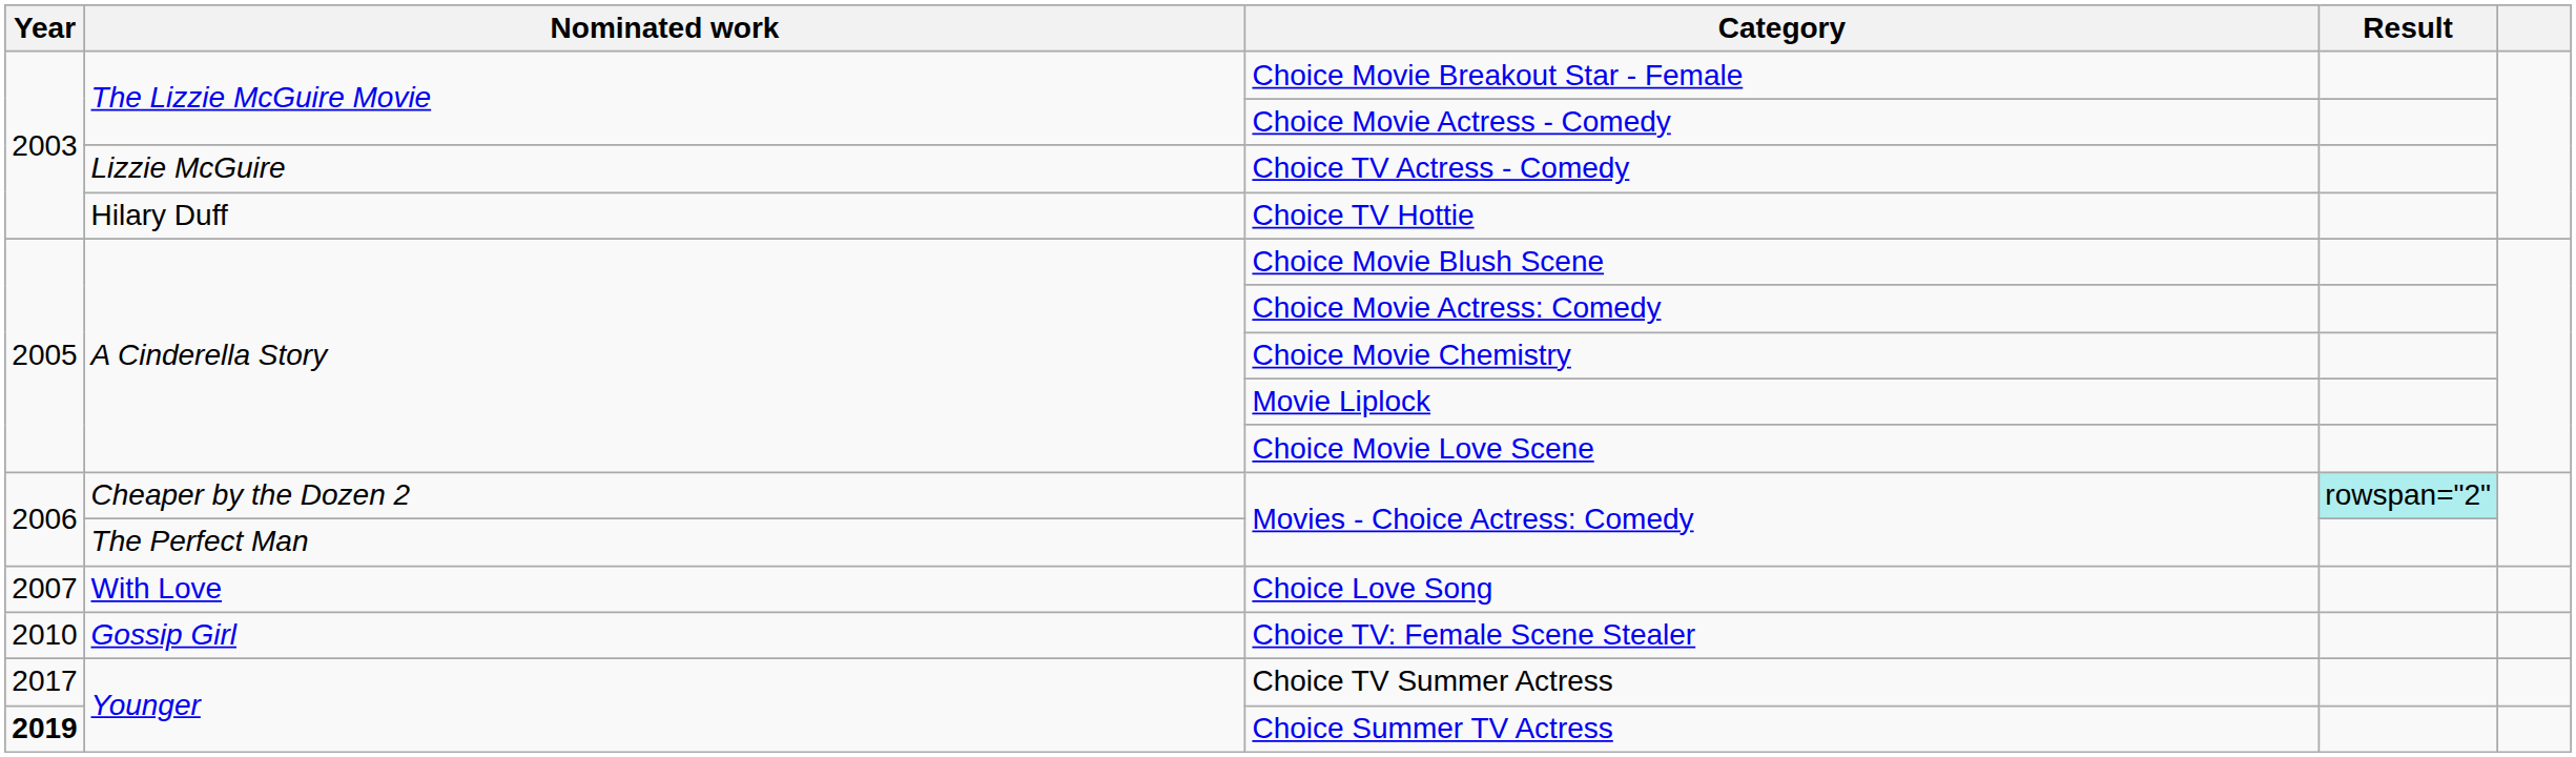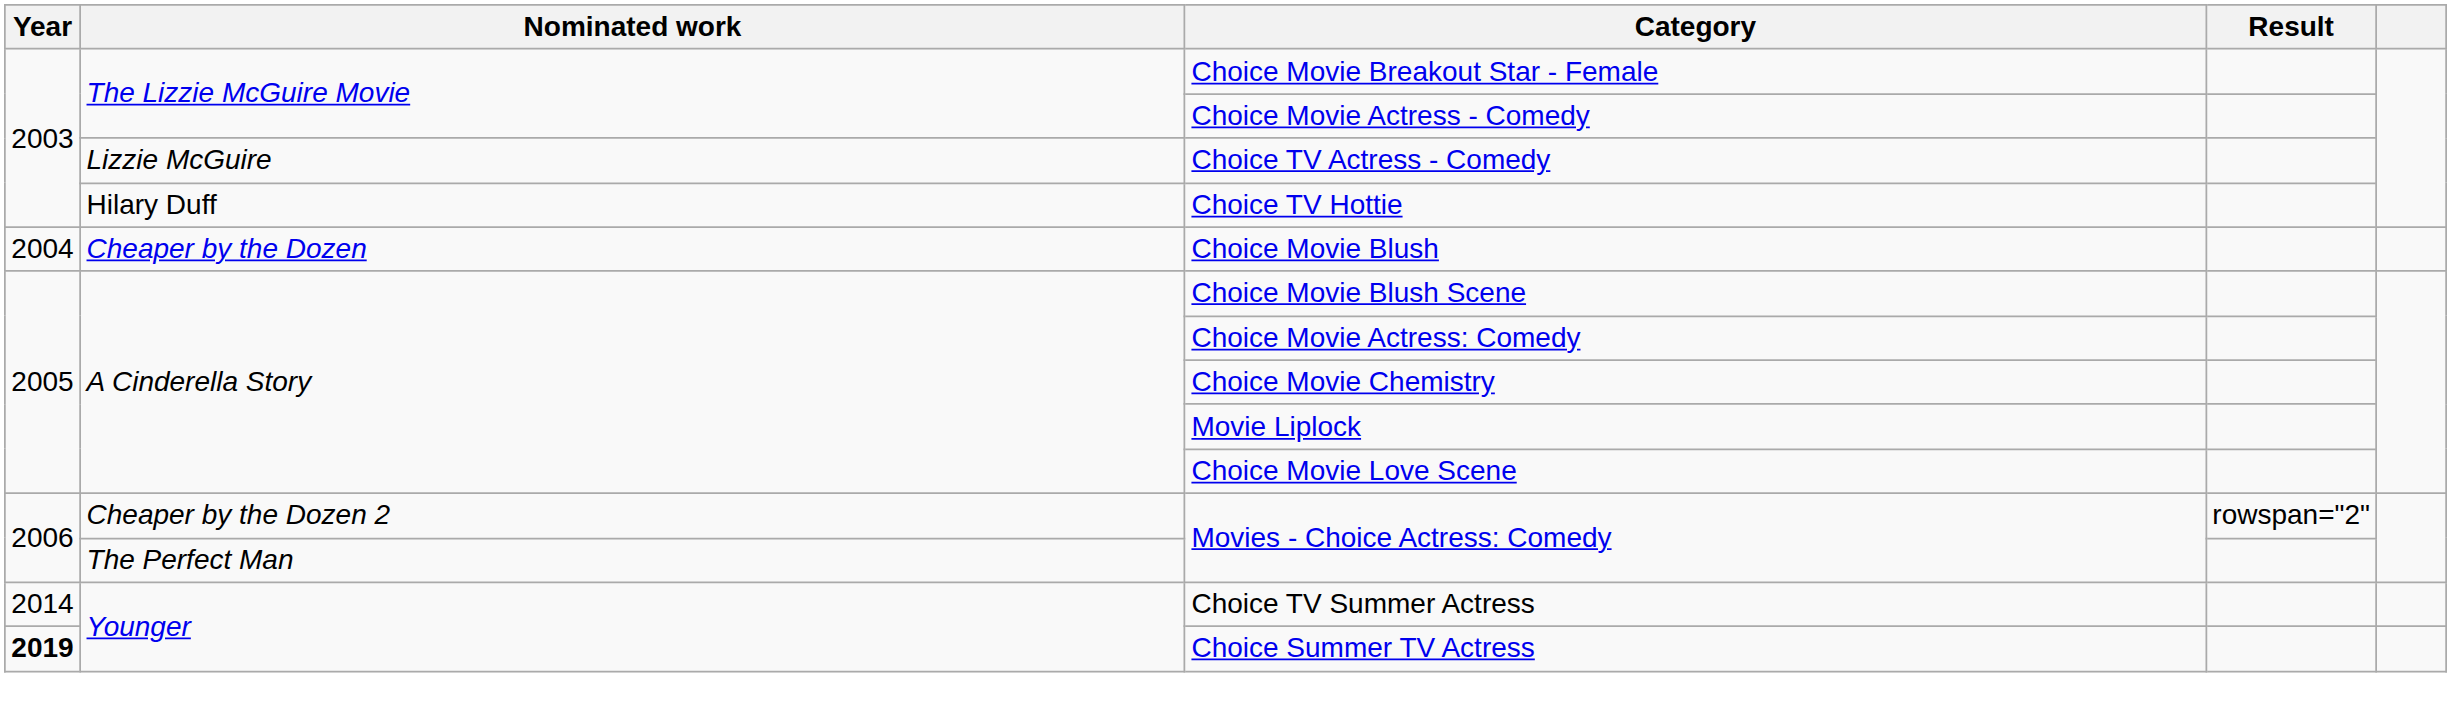 <table class="wikitable sortable">
 <tr>
 <th scope="col" style="width:1em;">Year</th>
 <th scope="col" style="width:39em;">Nominated work</th>
 <th scope="col" style="width:36em;">Category</th>
 <th scope="col" style="width:5em;">Result</th>
 <th scope="col" style="width:2em;" class="unsortable"></th>
 </tr>
 <tr>
 <td rowspan="4">2003</td>
 <td rowspan="2"><em><a href='#'>The Lizzie McGuire Movie</a></em></td>
 <td><a href='#'>Choice Movie Breakout Star - Female</a></td>
 <td></td>
 <td style="text-align:center;" rowspan="4"></td>
 </tr>
 <tr>
 <td><a href='#'>Choice Movie Actress - Comedy</a></td>
 <td></td>
 </tr>
 <tr>
 <td><em>Lizzie McGuire</em></td>
 <td><a href='#'>Choice TV Actress - Comedy</a></td>
 <td></td>
 </tr>
 <tr>
 <td>Hilary Duff</td>
 <td><a href='#'>Choice TV Hottie</a></td>
 <td></td>
 </tr>
 <tr>
+<td>2004</td>
+<td><em><a href='#'>Cheaper by the Dozen</a></em></td>
+<td><a href='#'>Choice Movie Blush</a></td>
+<td></td>
+<td style="text-align:center;"></td>
+</tr>
+<tr>
 <td rowspan="5">2005</td>
 <td rowspan="5"><em>A Cinderella Story</em></td>
 <td><a href='#'>Choice Movie Blush Scene</a></td>
 <td></td>
 <td style="text-align:center;" rowspan="5"></td>
 </tr>
 <tr>
 <td><a href='#'>Choice Movie Actress: Comedy</a></td>
 <td></td>
 </tr>
 <tr>
 <td><a href='#'>Choice Movie Chemistry</a> </td>
 <td></td>
 </tr>
 <tr>
 <td><a href='#'>Movie Liplock</a> </td>
 <td></td>
 </tr>
 <tr>
 <td><a href='#'>Choice Movie Love Scene</a> </td>
 <td></td>
 </tr>
 <tr>
 <td rowspan="2">2006</td>
 <td><em>Cheaper by the Dozen 2</em></td>
 <td rowspan="2"><a href='#'>Movies - Choice Actress: Comedy</a></td>
-<td style="background: paleturquoise;">rowspan="2" </td>
+<td>rowspan="2" </td>
 <td style="text-align:center;" rowspan="2"></td>
 </tr>
 <tr>
 <td><em>The Perfect Man</em></td>
 </tr>
 <tr>
-<td>2007</td>
-<td><a href='#'>With Love</a></td>
-<td><a href='#'>Choice Love Song</a></td>
-<td></td>
-<td style="text-align:center;"></td>
-</tr>
-<tr>
-<td>2010</td>
-<td><em><a href='#'>Gossip Girl</a></em></td>
-<td><a href='#'>Choice TV: Female Scene Stealer</a></td>
-<td></td>
-<td style="text-align:center;"></td>
-</tr>
-<tr>
-<td>2017</td>
+<td>2014</td>
 <td rowspan=2><em><a href='#'>Younger</a></em></td>
 <td>Choice TV Summer Actress</td>
 <td></td>
 <td style="text-align:center;"></td>
 </tr>
 <tr>
 <td><strong>2019</strong></td>
 <td><a href='#'>Choice Summer TV Actress</a></td>
 <td></td>
 <td style="text-align:center;"></td>
 </tr>
 </table>
